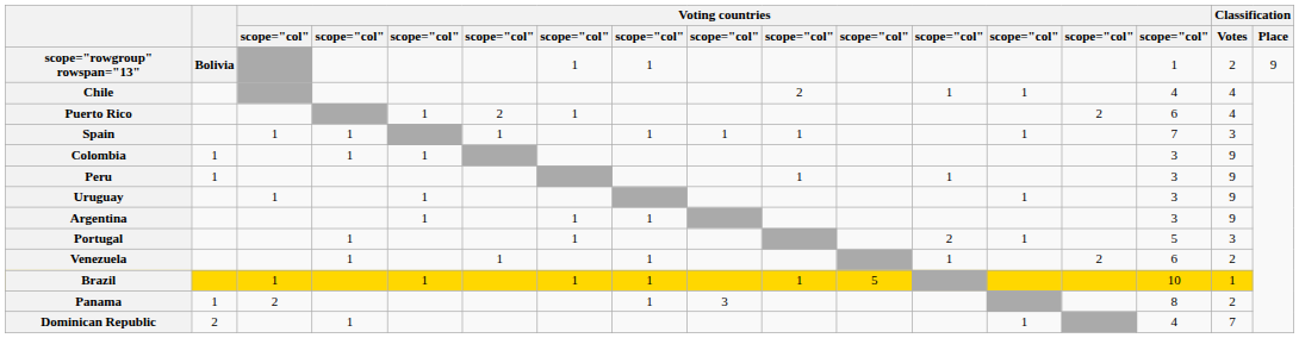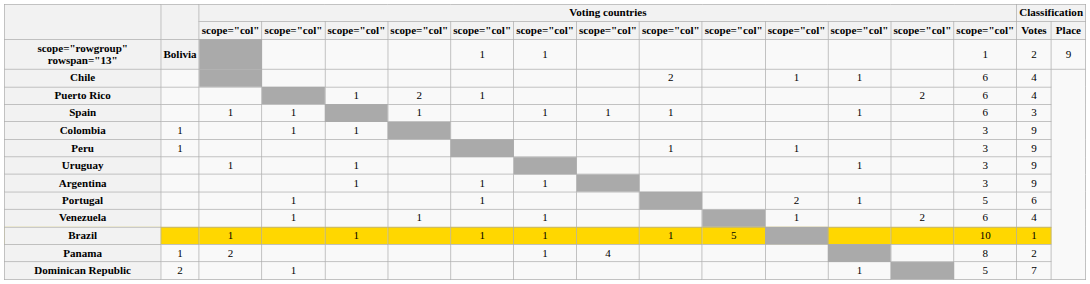 <table class="wikitable plainrowheaders" style="text-align: center;">
 <tr>
 <th rowspan="2"></th>
 <th rowspan="2"></th>
 <th colspan="13">Voting countries</th>
 <th colspan="2">Classification</th>
 </tr>
 <tr>
 <th>scope="col" </th>
 <th>scope="col" </th>
 <th>scope="col" </th>
 <th>scope="col" </th>
 <th>scope="col" </th>
 <th>scope="col" </th>
 <th>scope="col" </th>
 <th>scope="col" </th>
 <th>scope="col" </th>
 <th>scope="col" </th>
 <th>scope="col" </th>
 <th>scope="col" </th>
 <th>scope="col" </th>
 <th>Votes</th>
 <th>Place</th>
 </tr>
 <tr>
 <th>scope="rowgroup" rowspan="13" </th>
 <th scope="row">Bolivia</th>
 <td style="background: #aaa;"></td>
 <td></td>
 <td></td>
 <td></td>
 <td>1</td>
 <td>1</td>
 <td></td>
 <td></td>
 <td></td>
 <td></td>
 <td></td>
 <td></td>
 <td>1</td>
 <td>2</td>
 <td>9</td>
 </tr>
 <tr>
 <th scope="row">Chile</th>
 <td></td>
 <td style="background: #aaa;"></td>
 <td></td>
 <td></td>
 <td></td>
 <td></td>
 <td></td>
 <td></td>
 <td>2</td>
 <td></td>
 <td>1</td>
 <td>1</td>
 <td></td>
-<td>4</td>
+<td>6</td>
 <td>4</td>
 </tr>
 <tr>
 <th scope="row">Puerto Rico</th>
 <td></td>
 <td></td>
 <td style="background: #aaa;"></td>
 <td>1</td>
 <td>2</td>
 <td>1</td>
 <td></td>
 <td></td>
 <td></td>
 <td></td>
 <td></td>
 <td></td>
 <td>2</td>
 <td>6</td>
 <td>4</td>
 </tr>
 <tr>
 <th scope="row">Spain</th>
 <td></td>
 <td>1</td>
 <td>1</td>
 <td style="background: #aaa;"></td>
 <td>1</td>
 <td></td>
 <td>1</td>
 <td>1</td>
 <td>1</td>
 <td></td>
 <td></td>
 <td>1</td>
 <td></td>
-<td>7</td>
+<td>6</td>
 <td>3</td>
 </tr>
 <tr>
 <th scope="row">Colombia</th>
 <td>1</td>
 <td></td>
 <td>1</td>
 <td>1</td>
 <td style="background: #aaa;"></td>
 <td></td>
 <td></td>
 <td></td>
 <td></td>
 <td></td>
 <td></td>
 <td></td>
 <td></td>
 <td>3</td>
 <td>9</td>
 </tr>
 <tr>
 <th scope="row">Peru</th>
 <td>1</td>
 <td></td>
 <td></td>
 <td></td>
 <td></td>
 <td style="background: #aaa;"></td>
 <td></td>
 <td></td>
 <td>1</td>
 <td></td>
 <td>1</td>
 <td></td>
 <td></td>
 <td>3</td>
 <td>9</td>
 </tr>
 <tr>
 <th scope="row">Uruguay</th>
 <td></td>
 <td>1</td>
 <td></td>
 <td>1</td>
 <td></td>
 <td></td>
 <td style="background: #aaa;"></td>
 <td></td>
 <td></td>
 <td></td>
 <td></td>
 <td>1</td>
 <td></td>
 <td>3</td>
 <td>9</td>
 </tr>
 <tr>
 <th scope="row">Argentina</th>
 <td></td>
 <td></td>
 <td></td>
 <td>1</td>
 <td></td>
 <td>1</td>
 <td>1</td>
 <td style="background: #aaa;"></td>
 <td></td>
 <td></td>
 <td></td>
 <td></td>
 <td></td>
 <td>3</td>
 <td>9</td>
 </tr>
 <tr>
 <th scope="row">Portugal</th>
 <td></td>
 <td></td>
 <td>1</td>
 <td></td>
 <td></td>
 <td>1</td>
 <td></td>
 <td></td>
 <td style="background: #aaa;"></td>
 <td></td>
 <td>2</td>
 <td>1</td>
 <td></td>
 <td>5</td>
-<td>3</td>
+<td>6</td>
 </tr>
 <tr>
 <th scope="row">Venezuela</th>
 <td></td>
 <td></td>
 <td>1</td>
 <td></td>
 <td>1</td>
 <td></td>
 <td>1</td>
 <td></td>
 <td></td>
 <td style="background: #aaa;"></td>
 <td>1</td>
 <td></td>
 <td>2</td>
 <td>6</td>
-<td>2</td>
+<td>4</td>
 </tr>
 <tr bgcolor="gold">
 <th scope="row">Brazil</th>
 <td></td>
 <td>1</td>
 <td></td>
 <td>1</td>
 <td></td>
 <td>1</td>
 <td>1</td>
 <td></td>
 <td>1</td>
 <td>5</td>
 <td style="background: #aaa;"></td>
 <td></td>
 <td></td>
 <td>10</td>
 <td>1</td>
 </tr>
 <tr>
 <th scope="row">Panama</th>
 <td>1</td>
 <td>2</td>
 <td></td>
 <td></td>
 <td></td>
 <td></td>
 <td>1</td>
-<td>3</td>
+<td>4</td>
 <td></td>
 <td></td>
 <td></td>
 <td style="background: #aaa;"></td>
 <td></td>
 <td>8</td>
 <td>2</td>
 </tr>
 <tr>
 <th scope="row">Dominican Republic</th>
 <td>2</td>
 <td></td>
 <td>1</td>
 <td></td>
 <td></td>
 <td></td>
 <td></td>
 <td></td>
 <td></td>
 <td></td>
 <td></td>
 <td>1</td>
 <td style="background: #aaa;"></td>
-<td>4</td>
+<td>5</td>
 <td>7</td>
 </tr>
 </table>
